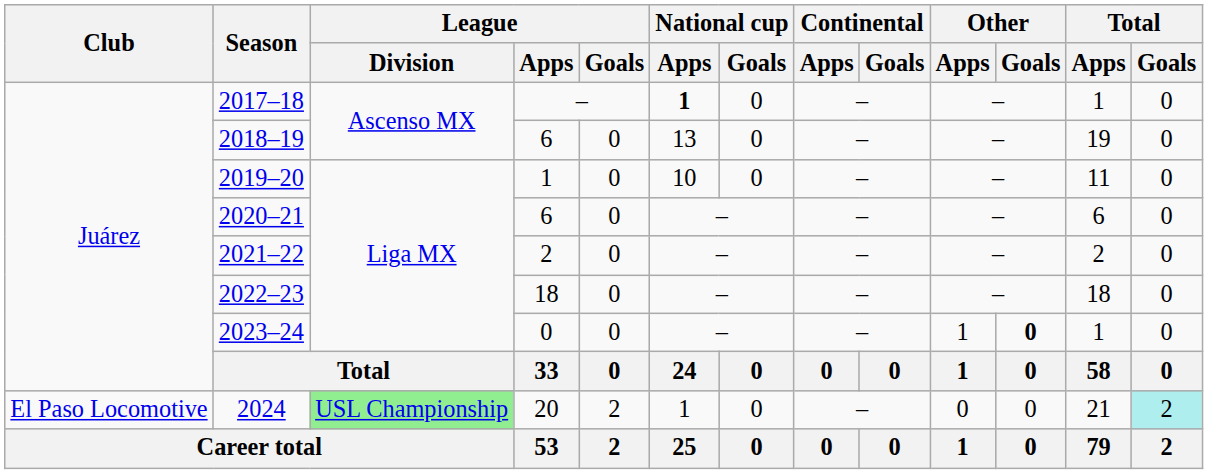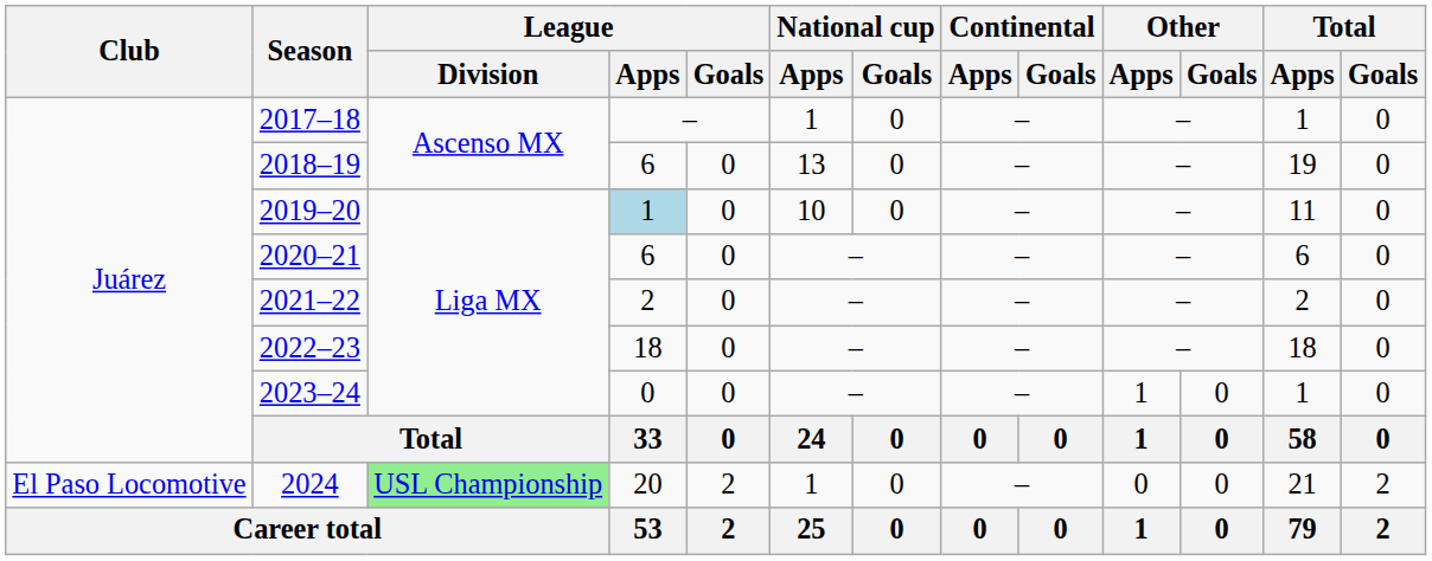 <table class="wikitable" style="text-align:center">
 <tr>
 <th rowspan="2">Club</th>
 <th rowspan="2">Season</th>
 <th colspan="3">League</th>
 <th colspan="2">National cup</th>
 <th colspan="2">Continental</th>
 <th colspan="2">Other</th>
 <th colspan="2">Total</th>
 </tr>
 <tr>
 <th>Division</th>
 <th>Apps</th>
 <th>Goals</th>
 <th>Apps</th>
 <th>Goals</th>
 <th>Apps</th>
 <th>Goals</th>
 <th>Apps</th>
 <th>Goals</th>
 <th>Apps</th>
 <th>Goals</th>
 </tr>
 <tr>
 <td rowspan="8"><a href='#'>Juárez</a></td>
 <td><a href='#'>2017–18</a></td>
 <td rowspan="2"><a href='#'>Ascenso MX</a></td>
 <td colspan="2">–</td>
-<td><strong>1</strong></td>
+<td>1</td>
 <td>0</td>
 <td colspan="2">–</td>
 <td colspan="2">–</td>
 <td>1</td>
 <td>0</td>
 </tr>
 <tr>
 <td><a href='#'>2018–19</a></td>
 <td>6</td>
 <td>0</td>
 <td>13</td>
 <td>0</td>
 <td colspan="2">–</td>
 <td colspan="2">–</td>
 <td>19</td>
 <td>0</td>
 </tr>
 <tr>
 <td><a href='#'>2019–20</a></td>
 <td rowspan="5"><a href='#'>Liga MX</a></td>
-<td>1</td>
+<td style="background: lightblue;">1</td>
 <td>0</td>
 <td>10</td>
 <td>0</td>
 <td colspan="2">–</td>
 <td colspan="2">–</td>
 <td>11</td>
 <td>0</td>
 </tr>
 <tr>
 <td><a href='#'>2020–21</a></td>
 <td>6</td>
 <td>0</td>
 <td colspan="2">–</td>
 <td colspan="2">–</td>
 <td colspan="2">–</td>
 <td>6</td>
 <td>0</td>
 </tr>
 <tr>
 <td><a href='#'>2021–22</a></td>
 <td>2</td>
 <td>0</td>
 <td colspan="2">–</td>
 <td colspan="2">–</td>
 <td colspan="2">–</td>
 <td>2</td>
 <td>0</td>
 </tr>
 <tr>
 <td><a href='#'>2022–23</a></td>
 <td>18</td>
 <td>0</td>
 <td colspan="2">–</td>
 <td colspan="2">–</td>
 <td colspan="2">–</td>
 <td>18</td>
 <td>0</td>
 </tr>
 <tr>
 <td><a href='#'>2023–24</a></td>
 <td>0</td>
 <td>0</td>
 <td colspan="2">–</td>
 <td colspan="2">–</td>
 <td>1</td>
-<td><strong>0</strong></td>
+<td>0</td>
 <td>1</td>
 <td>0</td>
 </tr>
 <tr>
 <th colspan="2">Total</th>
 <th>33</th>
 <th>0</th>
 <th>24</th>
 <th>0</th>
 <th>0</th>
 <th>0</th>
 <th>1</th>
 <th>0</th>
 <th>58</th>
 <th>0</th>
 </tr>
 <tr>
 <td><a href='#'>El Paso Locomotive</a></td>
 <td><a href='#'>2024</a></td>
 <td style="background: lightgreen;"><a href='#'>USL Championship</a></td>
 <td>20</td>
 <td>2</td>
 <td>1</td>
 <td>0</td>
 <td colspan="2">–</td>
 <td>0</td>
 <td>0</td>
 <td>21</td>
-<td style="background: paleturquoise;">2</td>
+<td>2</td>
 </tr>
 <tr>
 <th colspan="3">Career total</th>
 <th>53</th>
 <th>2</th>
 <th>25</th>
 <th>0</th>
 <th>0</th>
 <th>0</th>
 <th>1</th>
 <th>0</th>
 <th>79</th>
 <th>2</th>
 </tr>
 </table>
